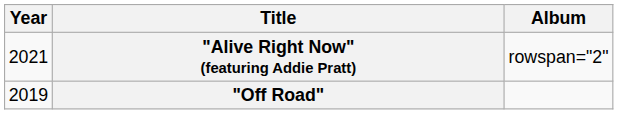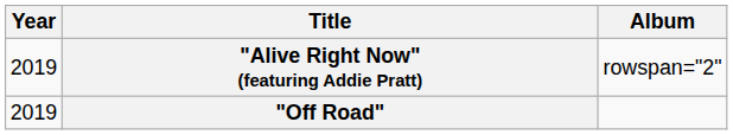 <table class="wikitable plainrowheaders" style="text-align:center;">
 <tr>
 <th scope="col">Year</th>
 <th scope="col" style="width:25em;">Title</th>
 <th scope="col">Album</th>
 </tr>
 <tr>
-<td>2021</td>
+<td>2019</td>
 <th scope="row">"Alive Right Now"<br> <small>(featuring Addie Pratt)</small></th>
 <td>rowspan="2" </td>
 </tr>
 <tr>
 <td>2019</td>
 <th scope="row">"Off Road"</th>
 </tr>
 </table>
